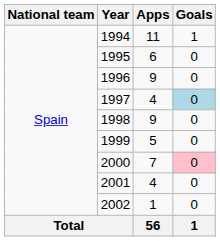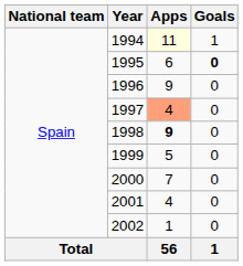 <table class="wikitable" style="text-align:center">
 <tr>
 <th>National team</th>
 <th>Year</th>
 <th>Apps</th>
 <th>Goals</th>
 </tr>
 <tr>
 <td rowspan="9"><a href='#'>Spain</a></td>
 <td>1994</td>
-<td>11</td>
+<td style="background: lightyellow;">11</td>
 <td>1</td>
 </tr>
 <tr>
 <td>1995</td>
 <td>6</td>
-<td>0</td>
+<td><strong>0</strong></td>
 </tr>
 <tr>
 <td>1996</td>
 <td>9</td>
 <td>0</td>
 </tr>
 <tr>
 <td>1997</td>
-<td>4</td>
-<td style="background: lightblue;">0</td>
+<td style="background: lightsalmon;">4</td>
+<td>0</td>
 </tr>
 <tr>
 <td>1998</td>
-<td>9</td>
+<td><strong>9</strong></td>
 <td>0</td>
 </tr>
 <tr>
 <td>1999</td>
 <td>5</td>
 <td>0</td>
 </tr>
 <tr>
 <td>2000</td>
 <td>7</td>
-<td style="background: pink;">0</td>
+<td>0</td>
 </tr>
 <tr>
 <td>2001</td>
 <td>4</td>
 <td>0</td>
 </tr>
 <tr>
 <td>2002</td>
 <td>1</td>
 <td>0</td>
 </tr>
 <tr>
 <th colspan="2">Total</th>
 <th>56</th>
 <th>1</th>
 </tr>
 </table>
